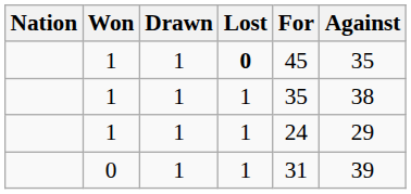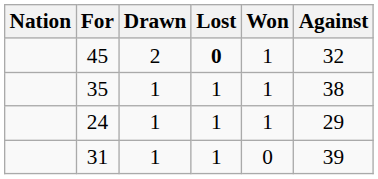 <table class="wikitable" style="text-align: center;">
 <tr>
 <th>Nation</th>
-<th>Won</th>
+<th>For</th>
 <th>Drawn</th>
 <th>Lost</th>
-<th>For</th>
+<th>Won</th>
 <th>Against</th>
 </tr>
 <tr>
 <td align="left"></td>
+<td>45</td>
+<td>2</td>
+<td><strong>0</strong></td>
 <td>1</td>
-<td>1</td>
-<td><strong>0</strong></td>
-<td>45</td>
-<td>35</td>
+<td>32</td>
 </tr>
 <tr>
 <td align="left"></td>
+<td>35</td>
 <td>1</td>
 <td>1</td>
 <td>1</td>
-<td>35</td>
 <td>38</td>
 </tr>
 <tr>
 <td align="left"></td>
+<td>24</td>
 <td>1</td>
 <td>1</td>
 <td>1</td>
-<td>24</td>
 <td>29</td>
 </tr>
 <tr>
 <td align="left"></td>
-<td>0</td>
+<td>31</td>
 <td>1</td>
 <td>1</td>
-<td>31</td>
+<td>0</td>
 <td>39</td>
 </tr>
 </table>
